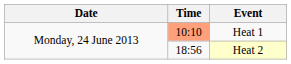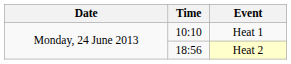 <table class = "wikitable" style="text-align:center;">
 <tr>
 <th width=220>Date</th>
 <th width=50>Time</th>
 <th width=100>Event</th>
 </tr>
 <tr>
 <td rowspan=2>Monday, 24 June 2013</td>
-<td style="background: lightsalmon;">10:10</td>
+<td>10:10</td>
 <td>Heat 1</td>
 </tr>
 <tr>
 <td>18:56</td>
 <td bgcolor=ffffcc>Heat 2</td>
 </tr>
 </table>
